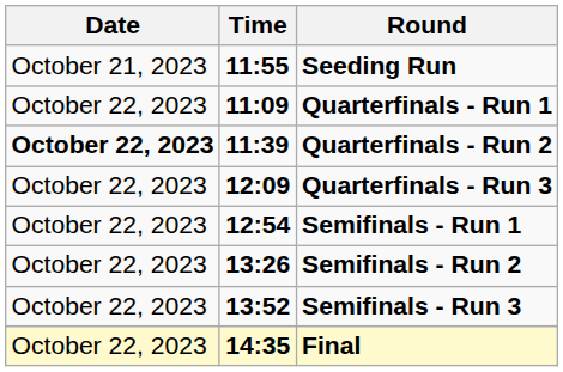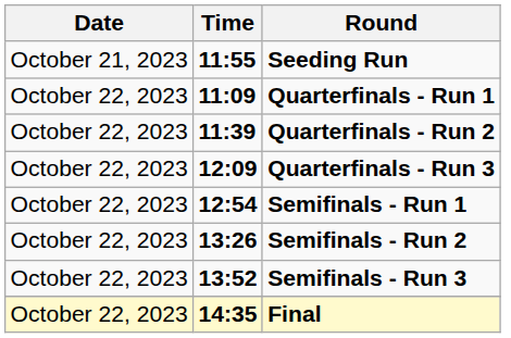 <table class="wikitable">
 <tr>
 <th>Date</th>
 <th>Time</th>
 <th>Round</th>
 </tr>
 <tr>
 <td>October 21, 2023</td>
 <td><strong>11:55</strong></td>
 <td><strong>Seeding Run</strong></td>
 </tr>
 <tr>
 <td>October 22, 2023</td>
 <td><strong>11:09</strong></td>
 <td><strong>Quarterfinals - Run 1</strong></td>
 </tr>
 <tr>
-<td><strong>October 22, 2023</strong></td>
+<td>October 22, 2023</td>
 <td><strong>11:39</strong></td>
 <td><strong>Quarterfinals - Run 2</strong></td>
 </tr>
 <tr>
 <td>October 22, 2023</td>
 <td><strong>12:09</strong></td>
 <td><strong>Quarterfinals - Run 3</strong></td>
 </tr>
 <tr>
 <td>October 22, 2023</td>
 <td><strong>12:54</strong></td>
 <td><strong>Semifinals - Run 1</strong></td>
 </tr>
 <tr>
 <td>October 22, 2023</td>
 <td><strong>13:26</strong></td>
 <td><strong>Semifinals - Run 2</strong></td>
 </tr>
 <tr>
 <td>October 22, 2023</td>
 <td><strong>13:52</strong></td>
 <td><strong>Semifinals - Run 3</strong></td>
 </tr>
 <tr>
 </tr>
 <tr style=background:lemonchiffon>
 <td>October 22, 2023</td>
 <td><strong>14:35</strong></td>
 <td><strong>Final</strong></td>
 </tr>
 </table>
